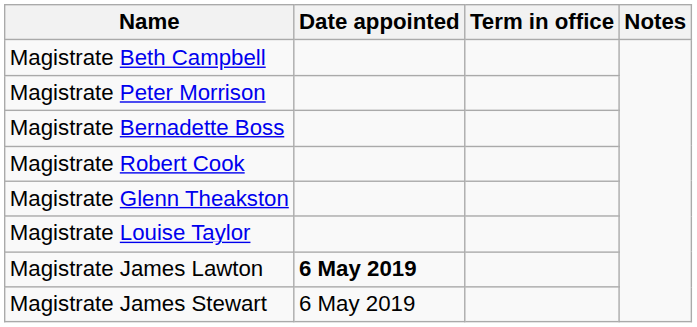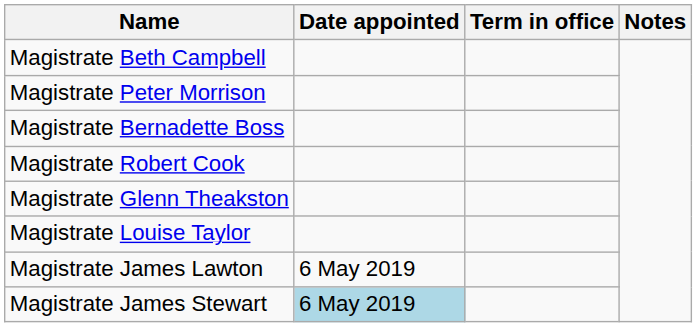 <table class="wikitable">
 <tr>
 <th>Name</th>
 <th>Date appointed</th>
 <th>Term in office</th>
 <th>Notes</th>
 </tr>
 <tr>
 <td>Magistrate <a href='#'>Beth Campbell</a></td>
 <td></td>
 <td align="right"></td>
 <td rowspan="8"></td>
 </tr>
 <tr>
 <td>Magistrate <a href='#'>Peter Morrison</a></td>
 <td></td>
 <td align=right></td>
 </tr>
 <tr>
 <td>Magistrate <a href='#'>Bernadette Boss</a></td>
 <td></td>
 <td align=right></td>
 </tr>
 <tr>
 <td>Magistrate <a href='#'>Robert Cook</a></td>
 <td></td>
 <td align=right></td>
 </tr>
 <tr>
 <td>Magistrate <a href='#'>Glenn Theakston</a></td>
 <td></td>
 <td align=right></td>
 </tr>
 <tr>
 <td>Magistrate <a href='#'>Louise Taylor</a></td>
 <td></td>
 <td align=right></td>
 </tr>
 <tr>
 <td>Magistrate James Lawton</td>
-<td><strong>6 May 2019</strong></td>
+<td>6 May 2019</td>
 <td align=right></td>
 </tr>
 <tr>
 <td>Magistrate James Stewart</td>
-<td>6 May 2019</td>
+<td style="background: lightblue;">6 May 2019</td>
 <td align=right></td>
 </tr>
 </table>
